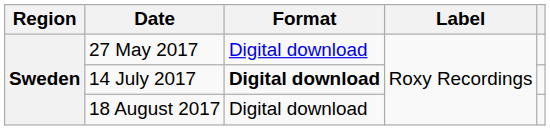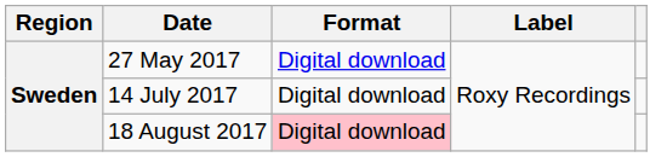 <table class="wikitable plainrowheaders">
 <tr>
 <th>Region</th>
 <th>Date</th>
 <th>Format</th>
 <th>Label</th>
 <th scope="col"></th>
 </tr>
 <tr>
 <th scope="row" rowspan="3">Sweden</th>
 <td>27 May 2017</td>
 <td rowspan="1"><a href='#'>Digital download</a></td>
 <td rowspan="3">Roxy Recordings</td>
 <td></td>
 </tr>
 <tr>
 <td>14 July 2017</td>
-<td><strong>Digital download </strong></td>
+<td>Digital download </td>
 <td></td>
 </tr>
 <tr>
 <td>18 August 2017</td>
-<td>Digital download </td>
+<td style="background: pink;">Digital download </td>
 <td></td>
 </tr>
 </table>
